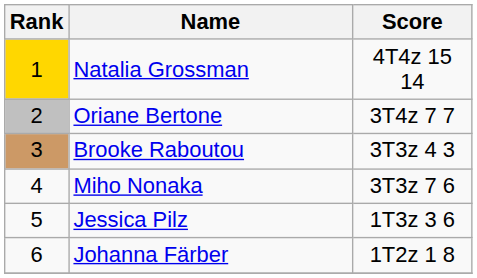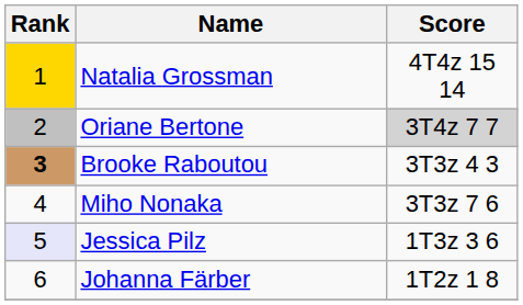 <table class="wikitable">
 <tr>
 <th>Rank</th>
 <th width = "200">Name</th>
 <th width = "80">Score</th>
 </tr>
 <tr>
 <td align="center" style="background: gold">1</td>
 <td> <a href='#'>Natalia Grossman</a></td>
 <td align="center">4T4z 15 14</td>
 </tr>
 <tr>
 <td align="center" style="background: silver">2</td>
 <td> <a href='#'>Oriane Bertone</a></td>
-<td align="center">3T4z 7 7</td>
+<td align="center" style="background: lightgrey;">3T4z 7 7</td>
 </tr>
 <tr>
-<td align="center" style="background: #cc9966">3</td>
+<td align="center" style="background: #cc9966"><strong>3</strong></td>
 <td> <a href='#'>Brooke Raboutou</a></td>
 <td align="center">3T3z 4 3</td>
 </tr>
 <tr>
 <td align="center">4</td>
 <td> <a href='#'>Miho Nonaka</a></td>
 <td align="center">3T3z 7 6</td>
 </tr>
 <tr>
-<td align="center">5</td>
+<td align="center" style="background: lavender;">5</td>
 <td> <a href='#'>Jessica Pilz</a></td>
 <td align="center">1T3z 3 6</td>
 </tr>
 <tr>
 <td align="center">6</td>
 <td> <a href='#'>Johanna Färber</a></td>
 <td align="center">1T2z 1 8</td>
 </tr>
 <tr>
 </tr>
 </table>
